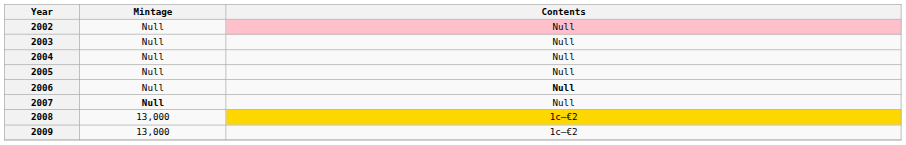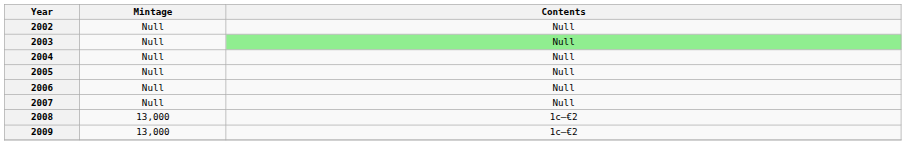 <table class="wikitable" style="width:100%;text-align:center">
 <tr>
 <th width=100px>Year</th>
 <th width=200px>Mintage</th>
 <th>Contents</th>
 </tr>
 <tr>
 <th>2002</th>
 <td>Null</td>
-<td style="background: pink;">Null</td>
+<td>Null</td>
 </tr>
 <tr>
 <th>2003</th>
 <td>Null</td>
-<td>Null</td>
+<td style="background: lightgreen;">Null</td>
 </tr>
 <tr>
 <th>2004</th>
 <td>Null</td>
 <td>Null</td>
 </tr>
 <tr>
 <th>2005</th>
 <td>Null</td>
 <td>Null</td>
 </tr>
 <tr>
 <th>2006</th>
 <td>Null</td>
-<td><strong>Null</strong></td>
+<td>Null</td>
 </tr>
 <tr>
 <th>2007</th>
-<td><strong>Null</strong></td>
+<td>Null</td>
 <td>Null</td>
 </tr>
 <tr>
 <th>2008</th>
 <td>13,000</td>
-<td style="background: gold;">1c–€2</td>
+<td>1c–€2</td>
 </tr>
 <tr>
 <th>2009</th>
 <td>13,000</td>
 <td>1c–€2</td>
 </tr>
 <tr>
 </tr>
 </table>
